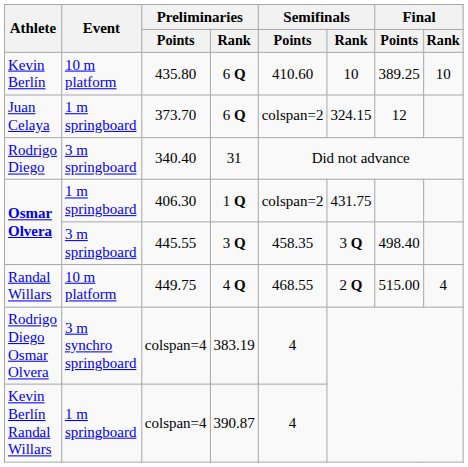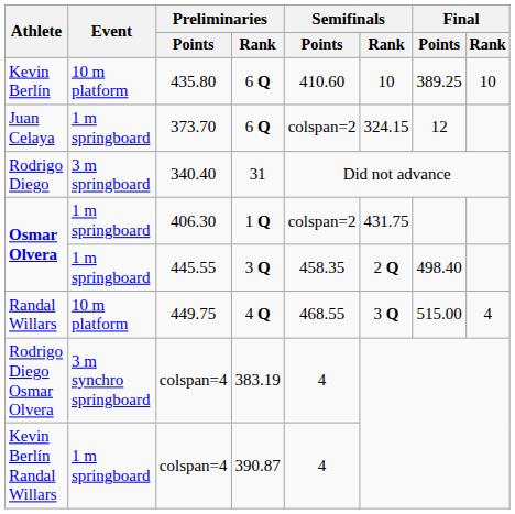 <table class="wikitable" style="text-align:center; font-size:90%; width:50%;">
 <tr>
 <th rowspan=2>Athlete</th>
 <th rowspan=2>Event</th>
 <th colspan=2>Preliminaries</th>
 <th colspan=2>Semifinals</th>
 <th colspan=2>Final</th>
 </tr>
 <tr style="font-size:95%">
 <th>Points</th>
 <th>Rank</th>
 <th>Points</th>
 <th>Rank</th>
 <th>Points</th>
 <th>Rank</th>
 </tr>
 <tr>
 <td align=left><a href='#'>Kevin Berlín</a></td>
 <td align=left><a href='#'>10 m platform</a></td>
 <td>435.80</td>
 <td>6 <strong>Q</strong></td>
 <td>410.60</td>
 <td>10</td>
 <td>389.25</td>
 <td>10</td>
 </tr>
 <tr>
 <td align=left><a href='#'>Juan Celaya</a></td>
 <td align=left><a href='#'>1 m springboard</a></td>
 <td>373.70</td>
 <td>6 <strong>Q</strong></td>
 <td>colspan=2 </td>
 <td>324.15</td>
 <td>12</td>
 </tr>
 <tr>
 <td align=left><a href='#'>Rodrigo Diego</a></td>
 <td align=left><a href='#'>3 m springboard</a></td>
 <td>340.40</td>
 <td>31</td>
 <td colspan=4>Did not advance</td>
 </tr>
 <tr>
 <td align=left rowspan=2><strong><a href='#'>Osmar Olvera</a></strong></td>
 <td align=left><a href='#'>1 m springboard</a></td>
 <td>406.30</td>
 <td>1 <strong>Q</strong></td>
 <td>colspan=2 </td>
 <td>431.75</td>
 <td></td>
 </tr>
 <tr>
-<td align=left><a href='#'>3 m springboard</a></td>
+<td align=left><a href='#'>1 m springboard</a></td>
 <td>445.55</td>
 <td>3 <strong>Q</strong></td>
 <td>458.35</td>
-<td>3 <strong>Q</strong></td>
+<td>2 <strong>Q</strong></td>
 <td>498.40</td>
 <td></td>
 </tr>
 <tr>
 <td align=left><a href='#'>Randal Willars</a></td>
 <td align=left><a href='#'>10 m platform</a></td>
 <td>449.75</td>
 <td>4 <strong>Q</strong></td>
 <td>468.55</td>
-<td>2 <strong>Q</strong></td>
+<td>3 <strong>Q</strong></td>
 <td>515.00</td>
 <td>4</td>
 </tr>
 <tr>
 <td align=left><a href='#'>Rodrigo Diego</a><br> <a href='#'>Osmar Olvera</a></td>
 <td align=left><a href='#'>3 m synchro springboard</a></td>
 <td>colspan=4 </td>
 <td>383.19</td>
 <td>4</td>
 </tr>
 <tr>
 <td align=left><a href='#'>Kevin Berlín</a><br> <a href='#'>Randal Willars</a></td>
 <td align=left><a href='#'>1 m springboard</a></td>
 <td>colspan=4 </td>
 <td>390.87</td>
 <td>4</td>
 </tr>
 </table>
